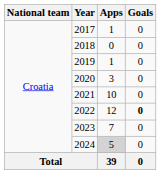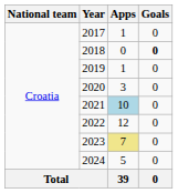 <table class="wikitable" style="text-align:center">
 <tr>
 <th>National team</th>
 <th>Year</th>
 <th>Apps</th>
 <th>Goals</th>
 </tr>
 <tr>
 <td rowspan="8"><a href='#'>Croatia</a></td>
 <td>2017</td>
 <td>1</td>
 <td>0</td>
 </tr>
 <tr>
 <td>2018</td>
 <td>0</td>
-<td>0</td>
+<td><strong>0</strong></td>
 </tr>
 <tr>
 <td>2019</td>
 <td>1</td>
 <td>0</td>
 </tr>
 <tr>
 <td>2020</td>
 <td>3</td>
 <td>0</td>
 </tr>
 <tr>
 <td>2021</td>
-<td>10</td>
+<td style="background: lightblue;">10</td>
 <td>0</td>
 </tr>
 <tr>
 <td>2022</td>
 <td>12</td>
-<td><strong>0</strong></td>
+<td>0</td>
 </tr>
 <tr>
 <td>2023</td>
-<td>7</td>
+<td style="background: khaki;">7</td>
 <td>0</td>
 </tr>
 <tr>
 <td>2024</td>
-<td style="background: lightgrey;">5</td>
+<td>5</td>
 <td>0</td>
 </tr>
 <tr>
 <th colspan="2">Total</th>
 <th>39</th>
 <th>0</th>
 </tr>
 </table>
